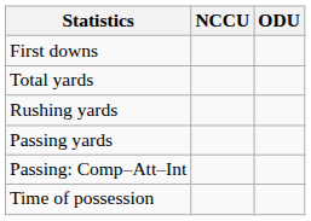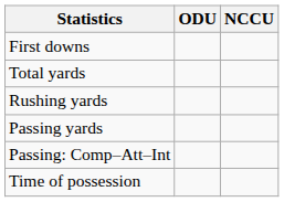 <table class="wikitable" style="float: left;">
 <tr>
 <th>Statistics</th>
+<th>ODU</th>
 <th>NCCU</th>
-<th>ODU</th>
 </tr>
 <tr>
 <td>First downs</td>
 <td></td>
 <td></td>
 </tr>
 <tr>
 <td>Total yards</td>
 <td></td>
 <td></td>
 </tr>
 <tr>
 <td>Rushing yards</td>
 <td></td>
 <td></td>
 </tr>
 <tr>
 <td>Passing yards</td>
 <td></td>
 <td></td>
 </tr>
 <tr>
 <td>Passing: Comp–Att–Int</td>
 <td></td>
 <td></td>
 </tr>
 <tr>
 <td>Time of possession</td>
 <td></td>
 <td></td>
 </tr>
 </table>
